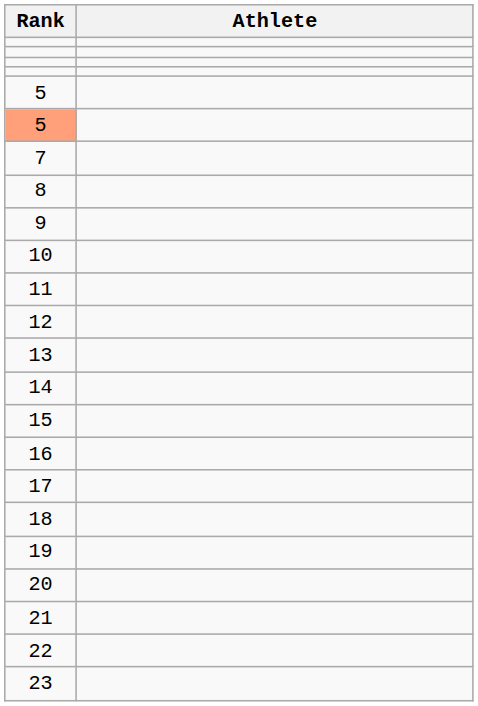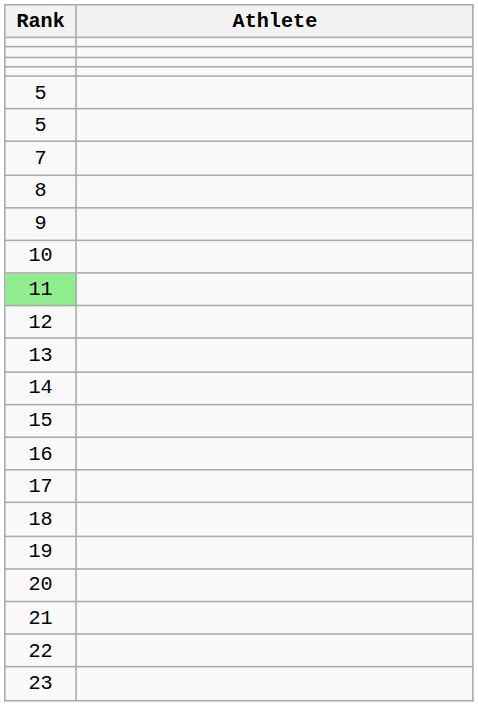 <table class="wikitable" style="text-align: center;">
 <tr>
 <th width=40>Rank</th>
 <th width=250>Athlete</th>
 </tr>
 <tr>
 <td></td>
 <td align="left"></td>
 </tr>
 <tr>
 <td></td>
 <td align="left"></td>
 </tr>
 <tr>
 <td></td>
 <td align="left"></td>
 </tr>
 <tr>
 <td></td>
 <td align="left"></td>
 </tr>
 <tr>
 <td>5</td>
 <td align="left"></td>
 </tr>
 <tr>
-<td style="background: lightsalmon;">5</td>
+<td>5</td>
 <td align="left"></td>
 </tr>
 <tr>
 <td>7</td>
 <td align="left"></td>
 </tr>
 <tr>
 <td>8</td>
 <td align="left"></td>
 </tr>
 <tr>
 <td>9</td>
 <td align="left"></td>
 </tr>
 <tr>
 <td>10</td>
 <td align="left"></td>
 </tr>
 <tr>
-<td>11</td>
+<td style="background: lightgreen;">11</td>
 <td align="left"></td>
 </tr>
 <tr>
 <td>12</td>
 <td align="left"></td>
 </tr>
 <tr>
 <td>13</td>
 <td align="left"></td>
 </tr>
 <tr>
 <td>14</td>
 <td align="left"></td>
 </tr>
 <tr>
 <td>15</td>
 <td align="left"></td>
 </tr>
 <tr>
 <td>16</td>
 <td align="left"></td>
 </tr>
 <tr>
 <td>17</td>
 <td align="left"></td>
 </tr>
 <tr>
 <td>18</td>
 <td align="left"></td>
 </tr>
 <tr>
 <td>19</td>
 <td align="left"></td>
 </tr>
 <tr>
 <td>20</td>
 <td align="left"></td>
 </tr>
 <tr>
 <td>21</td>
 <td align="left"></td>
 </tr>
 <tr>
 <td>22</td>
 <td align="left"></td>
 </tr>
 <tr>
 <td>23</td>
 <td align="left"></td>
 </tr>
 </table>
